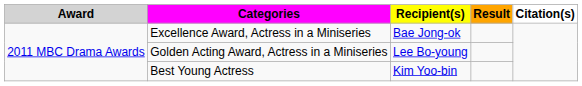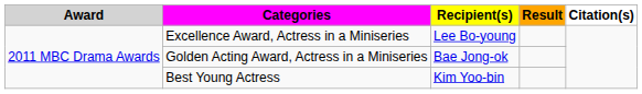 <table class=wikitable>
 <tr>
 <th style="background:lightgrey">Award</th>
 <th style="background:magenta">Categories</th>
 <th style="background:yellow">Recipient(s)</th>
 <th style="background:Orange">Result</th>
 <th style="background:white">Citation(s)</th>
 </tr>
 <tr>
 <td rowspan=3><a href='#'>2011 MBC Drama Awards</a></td>
 <td>Excellence Award, Actress in a Miniseries</td>
-<td><a href='#'>Bae Jong-ok</a></td>
+<td><a href='#'>Lee Bo-young</a></td>
 <td></td>
 </tr>
 <tr>
 <td>Golden Acting Award, Actress in a Miniseries</td>
-<td><a href='#'>Lee Bo-young</a></td>
+<td><a href='#'>Bae Jong-ok</a></td>
 <td></td>
 </tr>
 <tr>
 <td>Best Young Actress</td>
 <td><a href='#'>Kim Yoo-bin</a></td>
 <td></td>
 </tr>
 </table>
